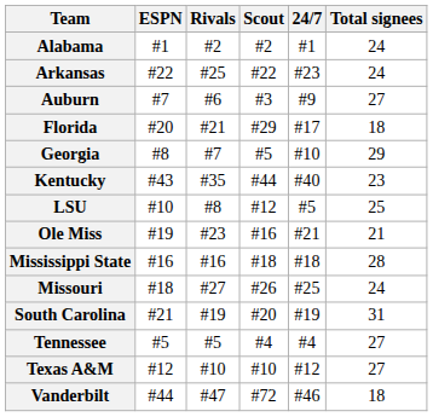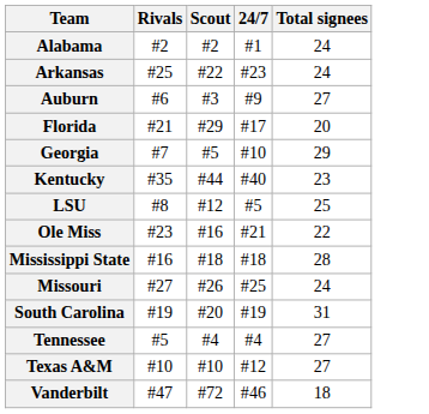 <table class="wikitable">
 <tr>
 <th>Team</th>
-<th>ESPN</th>
 <th>Rivals</th>
 <th>Scout</th>
 <th>24/7</th>
 <th>Total signees</th>
 </tr>
 <tr>
 <th>Alabama</th>
-<td style="text-align:center; background:white">#1</td>
 <td style="text-align:center; background:white">#2</td>
 <td style="text-align:center; background:white">#2</td>
 <td style="text-align:center; background:white">#1</td>
 <td style="text-align:center; background:white">24</td>
 </tr>
 <tr>
 <th>Arkansas</th>
-<td style="text-align:center; background:white">#22</td>
 <td style="text-align:center; background:white">#25</td>
 <td style="text-align:center; background:white">#22</td>
 <td style="text-align:center; background:white">#23</td>
 <td style="text-align:center; background:white">24</td>
 </tr>
 <tr>
 <th>Auburn</th>
-<td style="text-align:center; background:white">#7</td>
 <td style="text-align:center; background:white">#6</td>
 <td style="text-align:center; background:white">#3</td>
 <td style="text-align:center; background:white">#9</td>
 <td style="text-align:center; background:white">27</td>
 </tr>
 <tr>
 <th>Florida</th>
-<td style="text-align:center; background:white">#20</td>
 <td style="text-align:center; background:white">#21</td>
 <td style="text-align:center; background:white">#29</td>
 <td style="text-align:center; background:white">#17</td>
-<td style="text-align:center; background:white">18</td>
+<td style="text-align:center; background:white">20</td>
 </tr>
 <tr>
 <th>Georgia</th>
-<td style="text-align:center; background:white">#8</td>
 <td style="text-align:center; background:white">#7</td>
 <td style="text-align:center; background:white">#5</td>
 <td style="text-align:center; background:white">#10</td>
 <td style="text-align:center; background:white">29</td>
 </tr>
 <tr>
 <th>Kentucky</th>
-<td style="text-align:center; background:white">#43</td>
 <td style="text-align:center; background:white">#35</td>
 <td style="text-align:center; background:white">#44</td>
 <td style="text-align:center; background:white">#40</td>
 <td style="text-align:center; background:white">23</td>
 </tr>
 <tr>
 <th>LSU</th>
-<td style="text-align:center; background:white">#10</td>
 <td style="text-align:center; background:white">#8</td>
 <td style="text-align:center; background:white">#12</td>
 <td style="text-align:center; background:white">#5</td>
 <td style="text-align:center; background:white">25</td>
 </tr>
 <tr>
 <th>Ole Miss</th>
-<td style="text-align:center; background:white">#19</td>
 <td style="text-align:center; background:white">#23</td>
 <td style="text-align:center; background:white">#16</td>
 <td style="text-align:center; background:white">#21</td>
-<td style="text-align:center; background:white">21</td>
+<td style="text-align:center; background:white">22</td>
 </tr>
 <tr>
 <th>Mississippi State</th>
-<td style="text-align:center; background:white">#16</td>
 <td style="text-align:center; background:white">#16</td>
 <td style="text-align:center; background:white">#18</td>
 <td style="text-align:center; background:white">#18</td>
 <td style="text-align:center; background:white">28</td>
 </tr>
 <tr>
 <th>Missouri</th>
-<td style="text-align:center; background:white">#18</td>
 <td style="text-align:center; background:white">#27</td>
 <td style="text-align:center; background:white">#26</td>
 <td style="text-align:center; background:white">#25</td>
 <td style="text-align:center; background:white">24</td>
 </tr>
 <tr>
 <th>South Carolina</th>
-<td style="text-align:center; background:white">#21</td>
 <td style="text-align:center; background:white">#19</td>
 <td style="text-align:center; background:white">#20</td>
 <td style="text-align:center; background:white">#19</td>
 <td style="text-align:center; background:white">31</td>
 </tr>
 <tr>
 <th>Tennessee</th>
 <td style="text-align:center; background:white">#5</td>
-<td style="text-align:center; background:white">#5</td>
 <td style="text-align:center; background:white">#4</td>
 <td style="text-align:center; background:white">#4</td>
 <td style="text-align:center; background:white">27</td>
 </tr>
 <tr>
 <th>Texas A&M</th>
-<td style="text-align:center; background:white">#12</td>
 <td style="text-align:center; background:white">#10</td>
 <td style="text-align:center; background:white">#10</td>
 <td style="text-align:center; background:white">#12</td>
 <td style="text-align:center; background:white">27</td>
 </tr>
 <tr>
 <th>Vanderbilt</th>
-<td style="text-align:center; background:white">#44</td>
 <td style="text-align:center; background:white">#47</td>
 <td style="text-align:center; background:white">#72</td>
 <td style="text-align:center; background:white">#46</td>
 <td style="text-align:center; background:white">18</td>
 </tr>
 </table>
